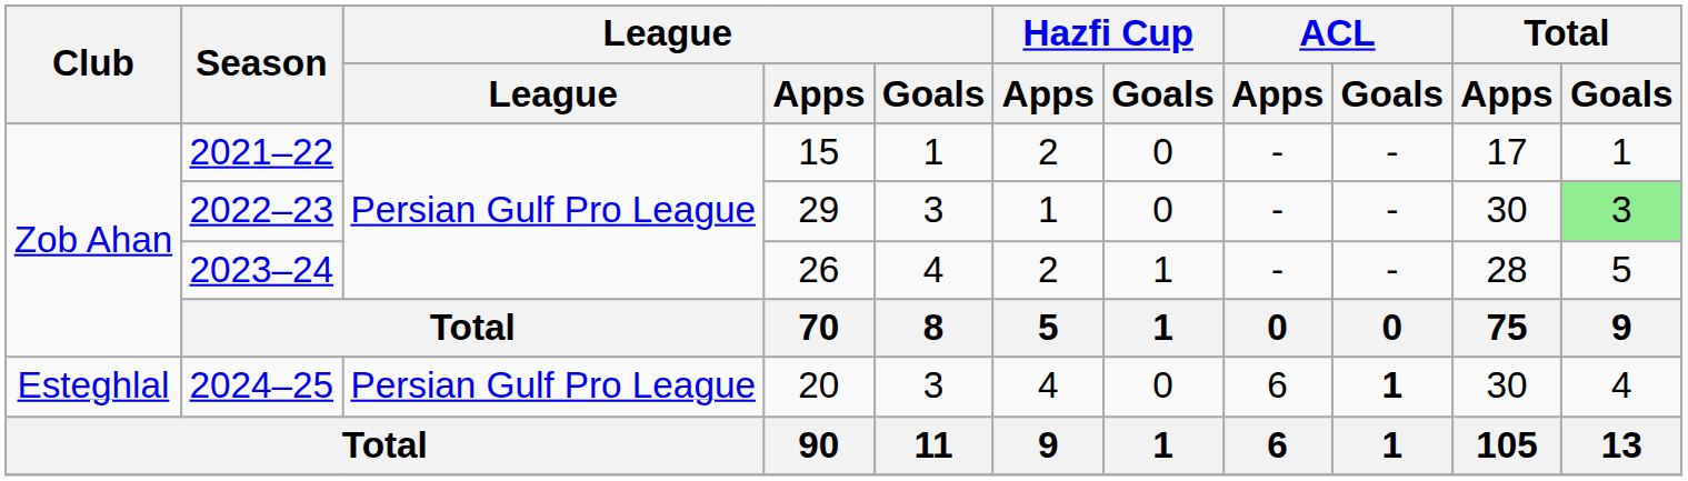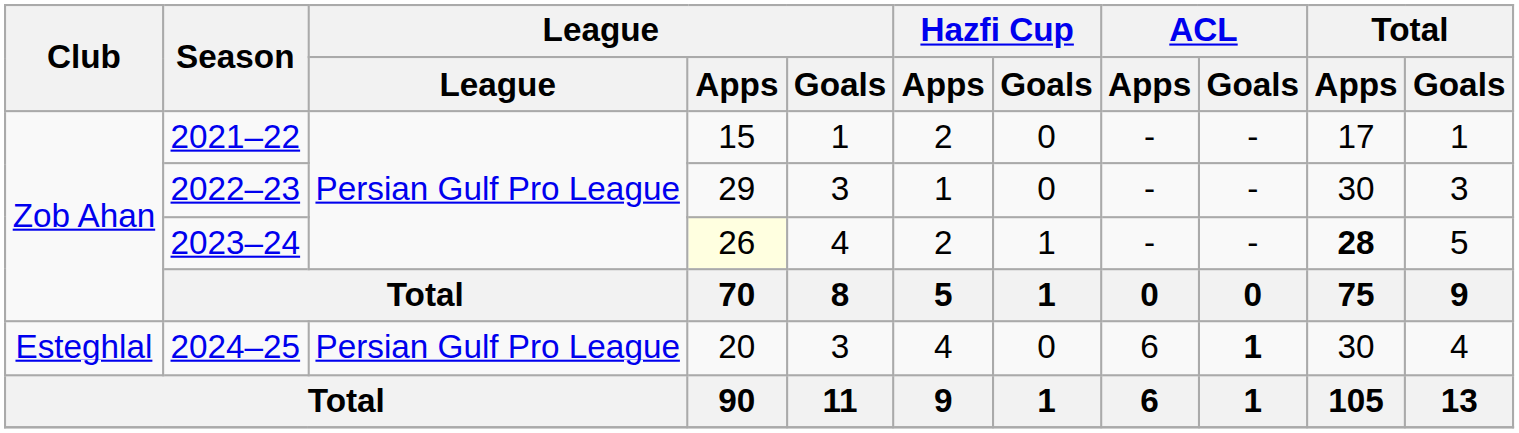 <table class="wikitable" style="text-align: center;'">
 <tr>
 <th rowspan=2>Club</th>
 <th rowspan=2>Season</th>
 <th colspan=3>League</th>
 <th colspan="2"><a href='#'>Hazfi Cup</a></th>
 <th colspan="2"><a href='#'>ACL</a></th>
 <th colspan="2">Total</th>
 </tr>
 <tr>
 <th>League</th>
 <th>Apps</th>
 <th>Goals</th>
 <th>Apps</th>
 <th>Goals</th>
 <th>Apps</th>
 <th>Goals</th>
 <th>Apps</th>
 <th>Goals</th>
 </tr>
 <tr>
 <td rowspan="4"><a href='#'>Zob Ahan</a></td>
 <td><a href='#'>2021–22</a></td>
 <td rowspan="3"><a href='#'>Persian Gulf Pro League</a></td>
 <td>15</td>
 <td>1</td>
 <td>2</td>
 <td>0</td>
 <td>-</td>
 <td>-</td>
 <td>17</td>
 <td>1</td>
 </tr>
 <tr>
 <td><a href='#'>2022–23</a></td>
 <td>29</td>
 <td>3</td>
 <td>1</td>
 <td>0</td>
 <td>-</td>
 <td>-</td>
 <td>30</td>
-<td style="background: lightgreen;">3</td>
+<td>3</td>
 </tr>
 <tr>
 <td><a href='#'>2023–24</a></td>
-<td>26</td>
+<td style="background: lightyellow;">26</td>
 <td>4</td>
 <td>2</td>
 <td>1</td>
 <td>-</td>
 <td>-</td>
-<td>28</td>
+<td><strong>28</strong></td>
 <td>5</td>
 </tr>
 <tr>
 <th colspan=2>Total</th>
 <th>70</th>
 <th>8</th>
 <th>5</th>
 <th>1</th>
 <th>0</th>
 <th>0</th>
 <th>75</th>
 <th>9</th>
 </tr>
 <tr>
 <td><a href='#'>Esteghlal</a></td>
 <td><a href='#'>2024–25</a></td>
 <td><a href='#'>Persian Gulf Pro League</a></td>
 <td>20</td>
 <td>3</td>
 <td>4</td>
 <td>0</td>
 <td>6</td>
 <td><strong>1</strong></td>
 <td>30</td>
 <td>4</td>
 </tr>
 <tr>
 <th colspan=3>Total</th>
 <th>90</th>
 <th>11</th>
 <th>9</th>
 <th>1</th>
 <th>6</th>
 <th>1</th>
 <th>105</th>
 <th>13</th>
 </tr>
 <tr>
 </tr>
 </table>
